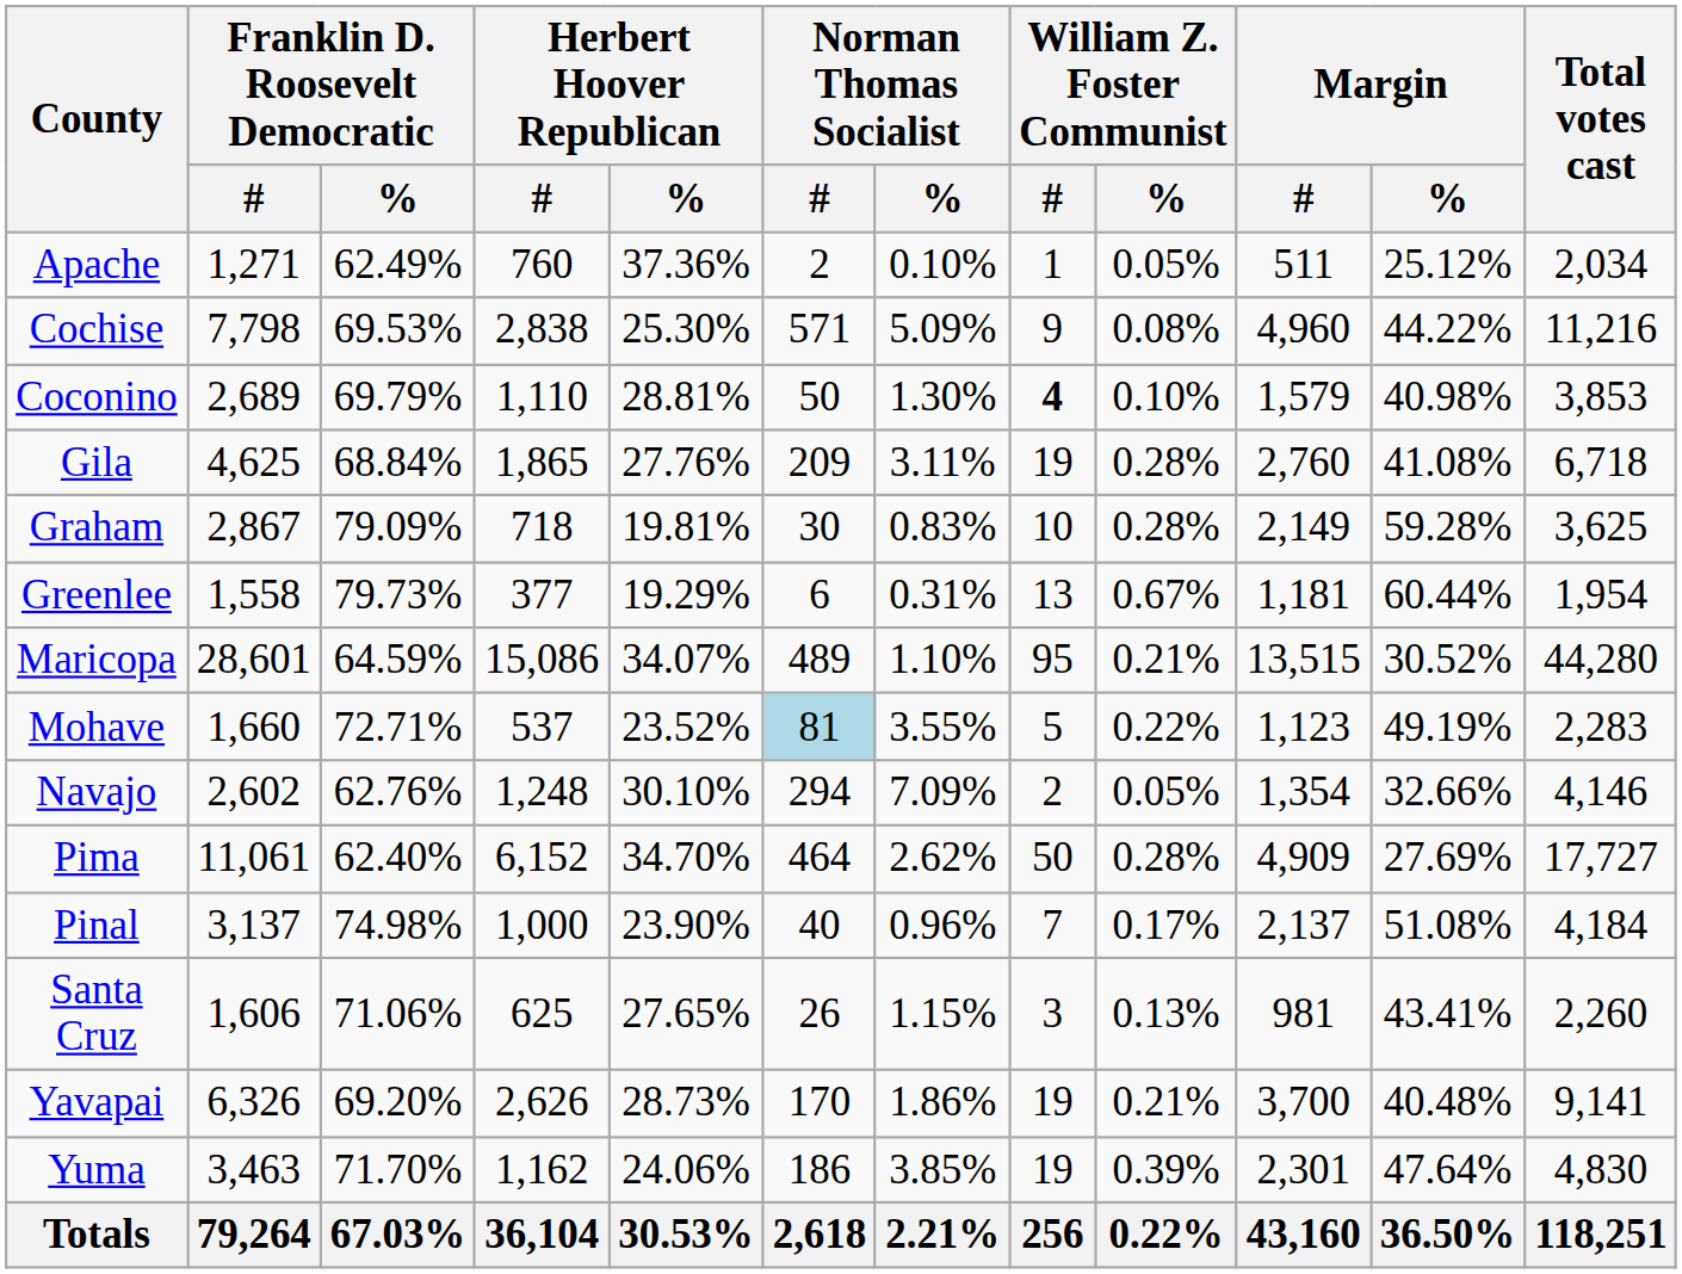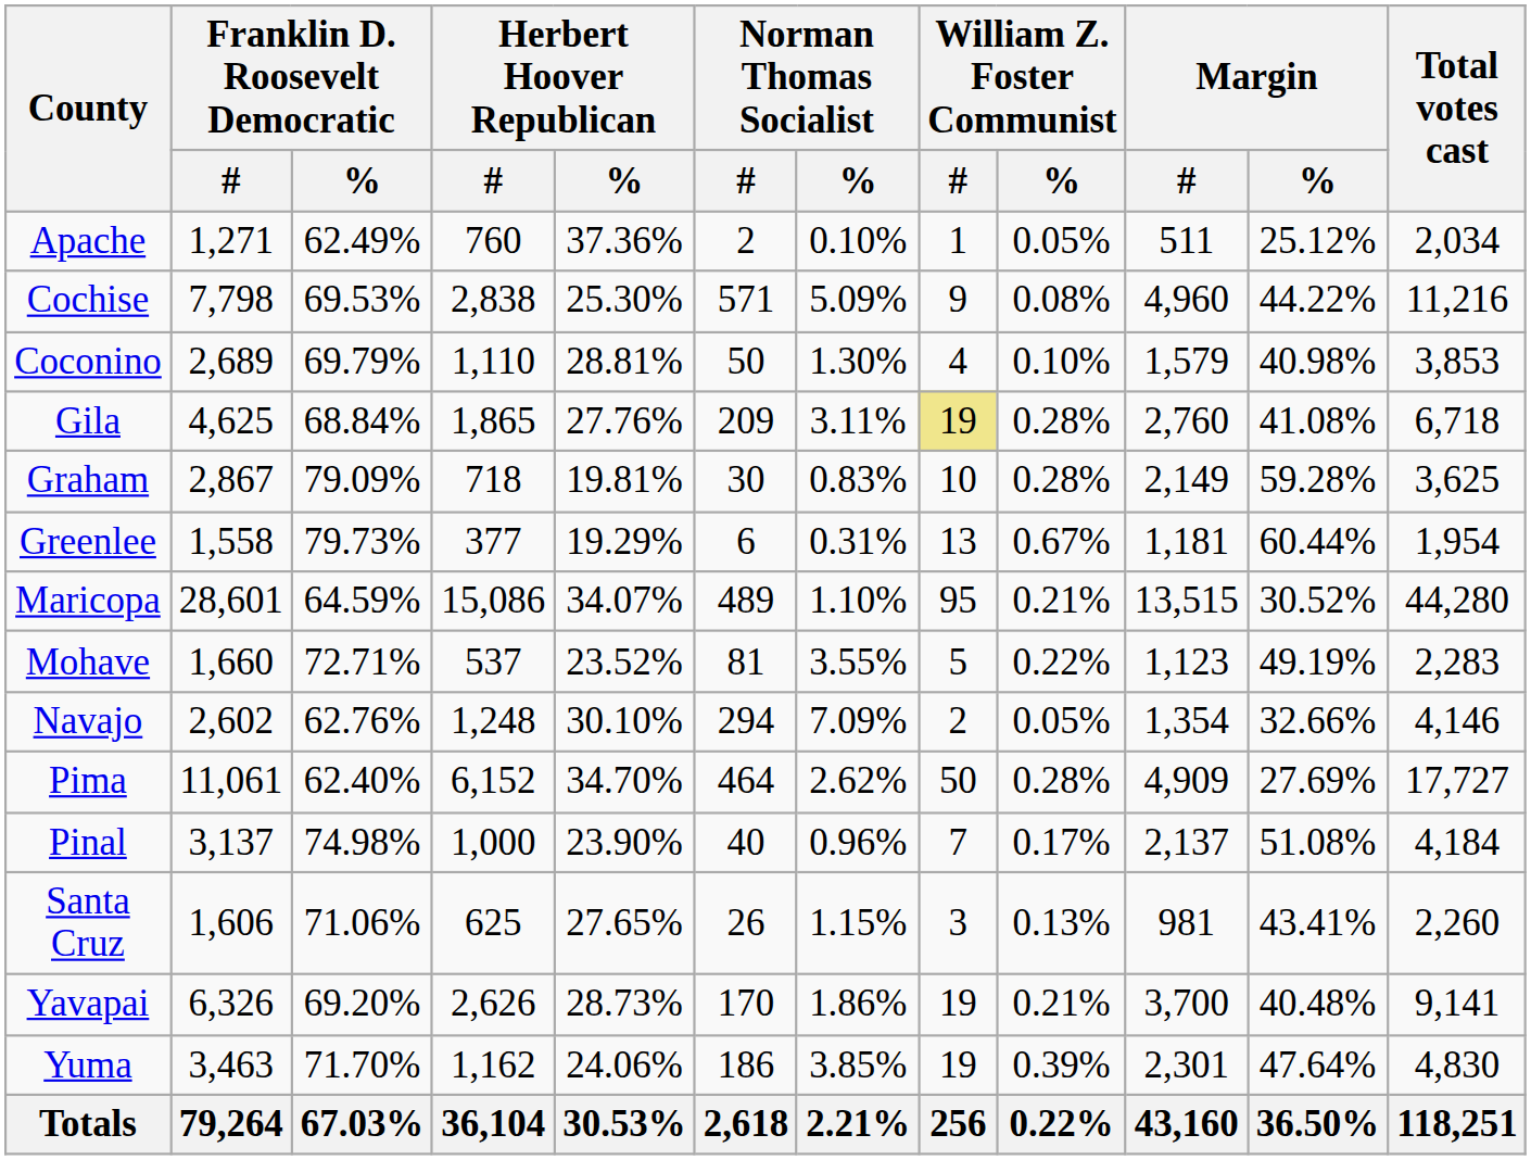 <table width="60%" class="wikitable sortable" style="text-align:center">
 <tr>
 <th rowspan="2">County</th>
 <th style="text-align:center;" colspan="2">Franklin D. Roosevelt<br>Democratic</th>
 <th style="text-align:center;" colspan="2">Herbert Hoover<br>Republican</th>
 <th style="text-align:center;" colspan="2">Norman Thomas<br>Socialist</th>
 <th style="text-align:center;" colspan="2">William Z. Foster<br>Communist</th>
 <th style="text-align:center;" colspan="2">Margin</th>
 <th style="text-align:center;" rowspan="2">Total votes cast</th>
 </tr>
 <tr>
 <th style="text-align:center;" data-sort-type="number">#</th>
 <th style="text-align:center;" data-sort-type="number">%</th>
 <th style="text-align:center;" data-sort-type="number">#</th>
 <th style="text-align:center;" data-sort-type="number">%</th>
 <th style="text-align:center;" data-sort-type="number">#</th>
 <th style="text-align:center;" data-sort-type="number">%</th>
 <th style="text-align:center;" data-sort-type="number">#</th>
 <th style="text-align:center;" data-sort-type="number">%</th>
 <th style="text-align:center;" data-sort-type="number">#</th>
 <th style="text-align:center;" data-sort-type="number">%</th>
 </tr>
 <tr style="text-align:center;">
 <td><a href='#'>Apache</a></td>
 <td>1,271</td>
 <td>62.49%</td>
 <td>760</td>
 <td>37.36%</td>
 <td>2</td>
 <td>0.10%</td>
 <td>1</td>
 <td>0.05%</td>
 <td>511</td>
 <td>25.12%</td>
 <td>2,034</td>
 </tr>
 <tr style="text-align:center;">
 <td><a href='#'>Cochise</a></td>
 <td>7,798</td>
 <td>69.53%</td>
 <td>2,838</td>
 <td>25.30%</td>
 <td>571</td>
 <td>5.09%</td>
 <td>9</td>
 <td>0.08%</td>
 <td>4,960</td>
 <td>44.22%</td>
 <td>11,216</td>
 </tr>
 <tr style="text-align:center;">
 <td><a href='#'>Coconino</a></td>
 <td>2,689</td>
 <td>69.79%</td>
 <td>1,110</td>
 <td>28.81%</td>
 <td>50</td>
 <td>1.30%</td>
-<td><strong>4</strong></td>
+<td>4</td>
 <td>0.10%</td>
 <td>1,579</td>
 <td>40.98%</td>
 <td>3,853</td>
 </tr>
 <tr style="text-align:center;">
 <td><a href='#'>Gila</a></td>
 <td>4,625</td>
 <td>68.84%</td>
 <td>1,865</td>
 <td>27.76%</td>
 <td>209</td>
 <td>3.11%</td>
-<td>19</td>
+<td style="background: khaki;">19</td>
 <td>0.28%</td>
 <td>2,760</td>
 <td>41.08%</td>
 <td>6,718</td>
 </tr>
 <tr style="text-align:center;">
 <td><a href='#'>Graham</a></td>
 <td>2,867</td>
 <td>79.09%</td>
 <td>718</td>
 <td>19.81%</td>
 <td>30</td>
 <td>0.83%</td>
 <td>10</td>
 <td>0.28%</td>
 <td>2,149</td>
 <td>59.28%</td>
 <td>3,625</td>
 </tr>
 <tr style="text-align:center;">
 <td><a href='#'>Greenlee</a></td>
 <td>1,558</td>
 <td>79.73%</td>
 <td>377</td>
 <td>19.29%</td>
 <td>6</td>
 <td>0.31%</td>
 <td>13</td>
 <td>0.67%</td>
 <td>1,181</td>
 <td>60.44%</td>
 <td>1,954</td>
 </tr>
 <tr style="text-align:center;">
 <td><a href='#'>Maricopa</a></td>
 <td>28,601</td>
 <td>64.59%</td>
 <td>15,086</td>
 <td>34.07%</td>
 <td>489</td>
 <td>1.10%</td>
 <td>95</td>
 <td>0.21%</td>
 <td>13,515</td>
 <td>30.52%</td>
 <td>44,280</td>
 </tr>
 <tr style="text-align:center;">
 <td><a href='#'>Mohave</a></td>
 <td>1,660</td>
 <td>72.71%</td>
 <td>537</td>
 <td>23.52%</td>
-<td style="background: lightblue;">81</td>
+<td>81</td>
 <td>3.55%</td>
 <td>5</td>
 <td>0.22%</td>
 <td>1,123</td>
 <td>49.19%</td>
 <td>2,283</td>
 </tr>
 <tr style="text-align:center;">
 <td><a href='#'>Navajo</a></td>
 <td>2,602</td>
 <td>62.76%</td>
 <td>1,248</td>
 <td>30.10%</td>
 <td>294</td>
 <td>7.09%</td>
 <td>2</td>
 <td>0.05%</td>
 <td>1,354</td>
 <td>32.66%</td>
 <td>4,146</td>
 </tr>
 <tr style="text-align:center;">
 <td><a href='#'>Pima</a></td>
 <td>11,061</td>
 <td>62.40%</td>
 <td>6,152</td>
 <td>34.70%</td>
 <td>464</td>
 <td>2.62%</td>
 <td>50</td>
 <td>0.28%</td>
 <td>4,909</td>
 <td>27.69%</td>
 <td>17,727</td>
 </tr>
 <tr style="text-align:center;">
 <td><a href='#'>Pinal</a></td>
 <td>3,137</td>
 <td>74.98%</td>
 <td>1,000</td>
 <td>23.90%</td>
 <td>40</td>
 <td>0.96%</td>
 <td>7</td>
 <td>0.17%</td>
 <td>2,137</td>
 <td>51.08%</td>
 <td>4,184</td>
 </tr>
 <tr style="text-align:center;">
 <td><a href='#'>Santa Cruz</a></td>
 <td>1,606</td>
 <td>71.06%</td>
 <td>625</td>
 <td>27.65%</td>
 <td>26</td>
 <td>1.15%</td>
 <td>3</td>
 <td>0.13%</td>
 <td>981</td>
 <td>43.41%</td>
 <td>2,260</td>
 </tr>
 <tr style="text-align:center;">
 <td><a href='#'>Yavapai</a></td>
 <td>6,326</td>
 <td>69.20%</td>
 <td>2,626</td>
 <td>28.73%</td>
 <td>170</td>
 <td>1.86%</td>
 <td>19</td>
 <td>0.21%</td>
 <td>3,700</td>
 <td>40.48%</td>
 <td>9,141</td>
 </tr>
 <tr style="text-align:center;">
 <td><a href='#'>Yuma</a></td>
 <td>3,463</td>
 <td>71.70%</td>
 <td>1,162</td>
 <td>24.06%</td>
 <td>186</td>
 <td>3.85%</td>
 <td>19</td>
 <td>0.39%</td>
 <td>2,301</td>
 <td>47.64%</td>
 <td>4,830</td>
 </tr>
 <tr style="text-align:center;">
 <th>Totals</th>
 <th>79,264</th>
 <th>67.03%</th>
 <th>36,104</th>
 <th>30.53%</th>
 <th>2,618</th>
 <th>2.21%</th>
 <th>256</th>
 <th>0.22%</th>
 <th>43,160</th>
 <th>36.50%</th>
 <th>118,251</th>
 </tr>
 </table>
